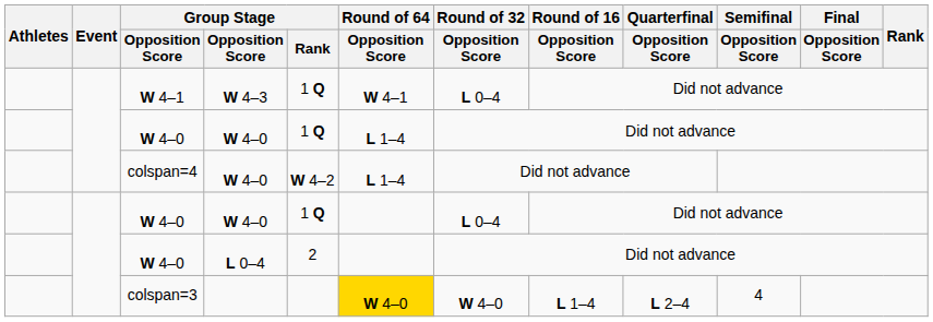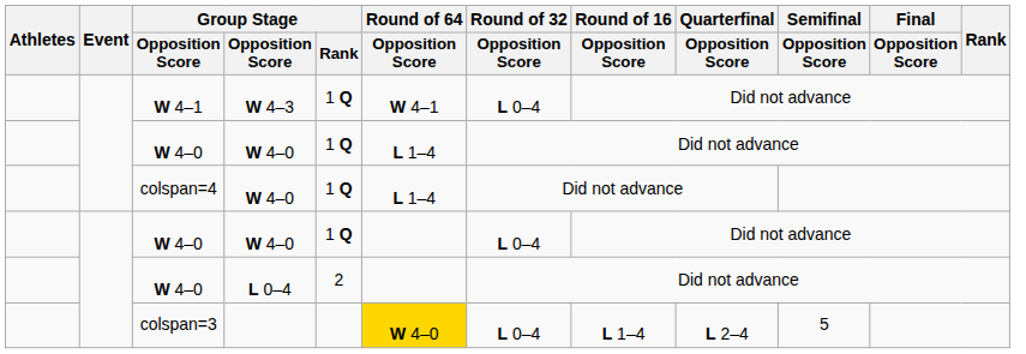 <table class="wikitable" style="font-size:89%">
 <tr>
 <th rowspan=2>Athletes</th>
 <th rowspan=2>Event</th>
 <th colspan=3>Group Stage</th>
 <th>Round of 64</th>
 <th>Round of 32</th>
 <th>Round of 16</th>
 <th>Quarterfinal</th>
 <th>Semifinal</th>
 <th>Final</th>
 <th rowspan=2>Rank</th>
 </tr>
 <tr style="font-size:95%">
 <th>Opposition<br>Score</th>
 <th>Opposition<br>Score</th>
 <th>Rank</th>
 <th>Opposition<br>Score</th>
 <th>Opposition<br>Score</th>
 <th>Opposition<br>Score</th>
 <th>Opposition<br>Score</th>
 <th>Opposition<br>Score</th>
 <th>Opposition<br>Score</th>
 </tr>
 <tr align=center>
 <td align=left></td>
 <td align=left rowspan=3></td>
 <td><br><strong>W</strong> 4–1</td>
 <td><br><strong>W</strong> 4–3</td>
 <td>1 <strong>Q</strong></td>
 <td><br><strong>W</strong> 4–1</td>
 <td><br><strong>L</strong> 0–4</td>
 <td colspan=5>Did not advance</td>
 </tr>
 <tr align=center>
 <td align=left></td>
 <td><br><strong>W</strong> 4–0</td>
 <td><br><strong>W</strong> 4–0</td>
 <td>1 <strong>Q</strong></td>
 <td><br><strong>L</strong> 1–4</td>
 <td colspan=6>Did not advance</td>
 </tr>
 <tr align=center>
 <td align=left></td>
 <td>colspan=4 </td>
 <td><br><strong>W</strong> 4–0</td>
-<td><br><strong>W</strong> 4–2</td>
+<td>1 <strong>Q</strong></td>
 <td><br><strong>L</strong> 1–4</td>
 <td colspan=3>Did not advance</td>
 </tr>
 <tr align=center>
 <td align=left></td>
 <td align=left rowspan=3></td>
 <td><br><strong>W</strong> 4–0</td>
 <td><br><strong>W</strong> 4–0</td>
 <td>1 <strong>Q</strong></td>
 <td></td>
 <td><br><strong>L</strong> 0–4</td>
 <td colspan=5>Did not advance</td>
 </tr>
 <tr align=center>
 <td align=left></td>
 <td><br><strong>W</strong> 4–0</td>
 <td><br><strong>L</strong> 0–4</td>
 <td>2</td>
 <td></td>
 <td colspan=6>Did not advance</td>
 </tr>
 <tr align=center>
 <td align=left></td>
 <td>colspan=3 </td>
 <td></td>
 <td></td>
 <td style="background: gold;"><br><strong>W</strong> 4–0</td>
-<td><br><strong>W</strong> 4–0</td>
+<td><br><strong>L</strong> 0–4</td>
 <td><br><strong>L</strong> 1–4</td>
 <td><br><strong>L</strong> 2–4</td>
-<td>4</td>
+<td>5</td>
 </tr>
 </table>
